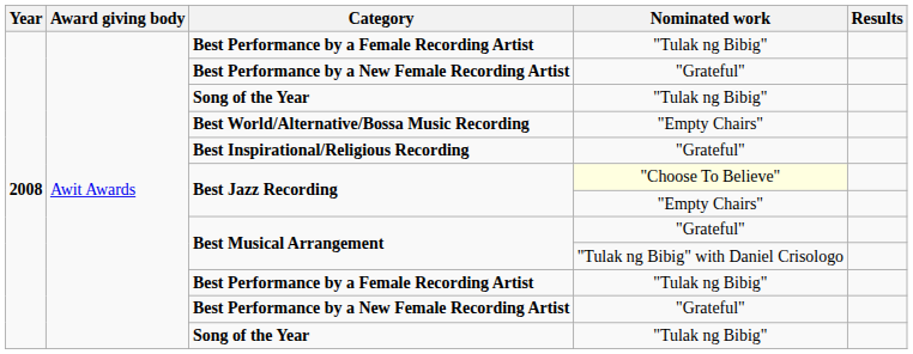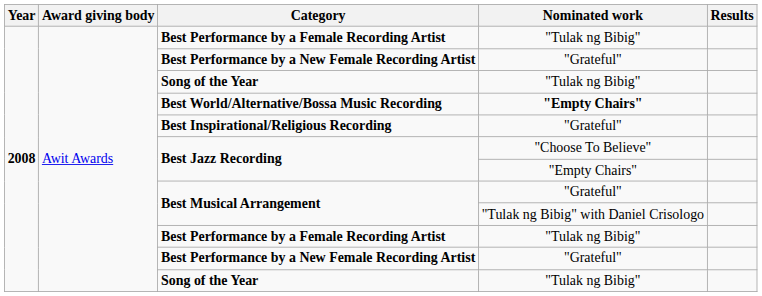 <table class="wikitable">
 <tr>
 <th>Year</th>
 <th>Award giving body</th>
 <th>Category</th>
 <th>Nominated work</th>
 <th>Results</th>
 </tr>
 <tr>
 <td rowspan=12><strong>2008</strong></td>
 <td rowspan=12><a href='#'>Awit Awards</a></td>
 <td><strong>Best Performance by a Female Recording Artist</strong> </td>
 <td align=center>"Tulak ng Bibig"</td>
 <td></td>
 </tr>
 <tr>
 <td><strong>Best Performance by a New Female Recording Artist</strong> </td>
 <td align=center>"Grateful"</td>
 <td></td>
 </tr>
 <tr>
 <td><strong>Song of the Year</strong></td>
 <td align=center>"Tulak ng Bibig"</td>
 <td></td>
 </tr>
 <tr>
 <td><strong>Best World/Alternative/Bossa Music Recording</strong></td>
-<td align=center>"Empty Chairs"</td>
+<td align=center><strong>"Empty Chairs"</strong></td>
 <td></td>
 </tr>
 <tr>
 <td><strong>Best Inspirational/Religious Recording</strong></td>
 <td align=center>"Grateful"</td>
 <td></td>
 </tr>
 <tr>
 <td rowspan=2><strong>Best Jazz Recording</strong></td>
-<td align=center style="background: lightyellow;">"Choose To Believe"</td>
+<td align=center>"Choose To Believe"</td>
 <td></td>
 </tr>
 <tr>
 <td align=center>"Empty Chairs"</td>
 <td></td>
 </tr>
 <tr>
 <td rowspan=2><strong>Best Musical Arrangement</strong></td>
 <td align=center>"Grateful"</td>
 <td></td>
 </tr>
 <tr>
 <td align=center>"Tulak ng Bibig" with Daniel Crisologo</td>
 <td></td>
 </tr>
 <tr>
 <td><strong>Best Performance by a Female Recording Artist</strong> </td>
 <td align=center>"Tulak ng Bibig"</td>
 <td></td>
 </tr>
 <tr>
 <td><strong>Best Performance by a New Female Recording Artist</strong> </td>
 <td align=center>"Grateful"</td>
 <td></td>
 </tr>
 <tr>
 <td><strong>Song of the Year</strong> </td>
 <td align=center>"Tulak ng Bibig"</td>
 <td></td>
 </tr>
 </table>
